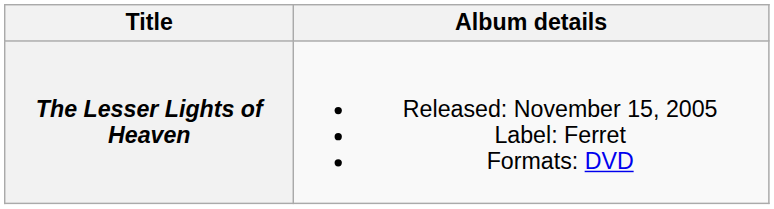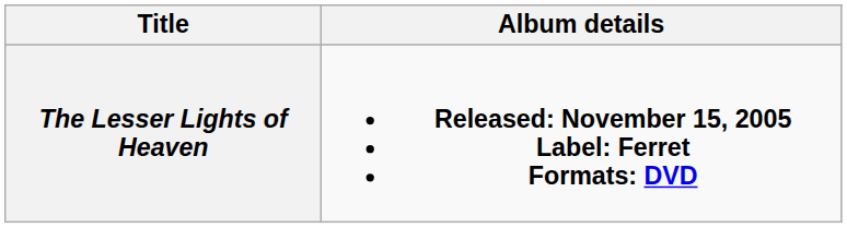 <table class="wikitable plainrowheaders" style="text-align:center;">
 <tr>
 <th scope="col" style="width:12em;">Title</th>
 <th scope="col" style="width:20em;">Album details</th>
 </tr>
 <tr>
 <th scope="row"><em>The Lesser Lights of Heaven</em></th>
-<td><br><ul><li>Released: November 15, 2005</li><li>Label: Ferret</li><li>Formats: <a href='#'>DVD</a></li></ul></td>
+<td><strong><br><ul><li>Released: November 15, 2005</li><li>Label: Ferret</li><li>Formats: <a href='#'>DVD</a></li></ul></strong></td>
 </tr>
 </table>
